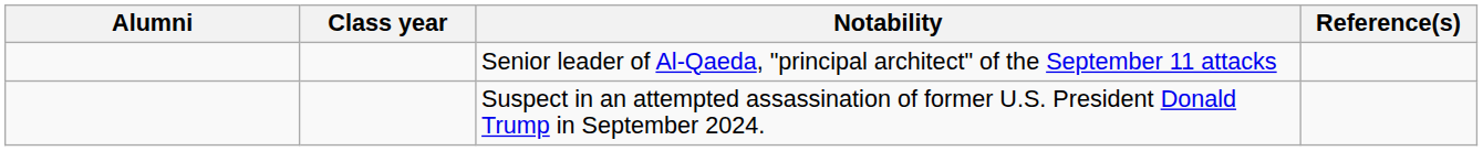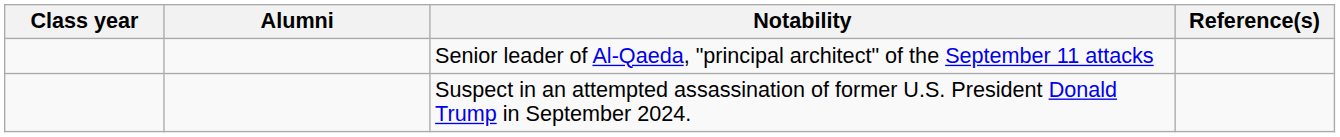 <table class="wikitable sortable" style="width:78%;">
 <tr valign="top">
+<th style="width:12%;">Class year</th>
 <th style="width:20%;">Alumni</th>
-<th style="width:12%;">Class year</th>
 <th style="width:56%;" class="unsortable">Notability</th>
 <th style="width:12%;" class="unsortable">Reference(s)</th>
 </tr>
 <tr valign="top">
 <td></td>
 <td></td>
 <td>Senior leader of <a href='#'>Al-Qaeda</a>, "principal architect" of the <a href='#'>September 11 attacks</a></td>
 <td></td>
 </tr>
 <tr>
 <td></td>
 <td></td>
 <td>Suspect in an attempted assassination of former U.S. President <a href='#'>Donald Trump</a> in September 2024.</td>
 <td></td>
 </tr>
 </table>
